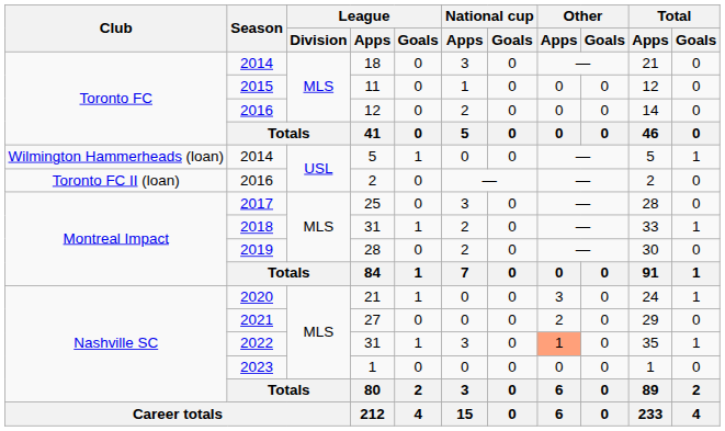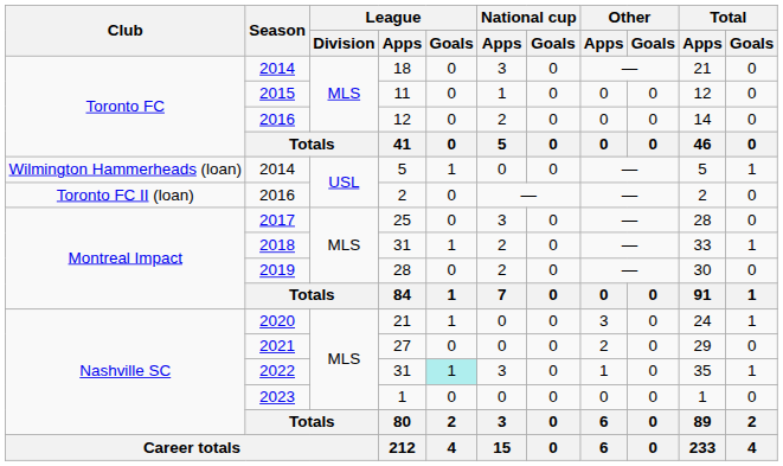 <table class="wikitable" Style="text-align: center">
 <tr>
 <th rowspan="2">Club</th>
 <th rowspan="2">Season</th>
 <th colspan="3">League</th>
 <th colspan="2">National cup</th>
 <th colspan="2">Other</th>
 <th colspan="2">Total</th>
 </tr>
 <tr>
 <th>Division</th>
 <th>Apps</th>
 <th>Goals</th>
 <th>Apps</th>
 <th>Goals</th>
 <th>Apps</th>
 <th>Goals</th>
 <th>Apps</th>
 <th>Goals</th>
 </tr>
 <tr>
 <td rowspan="4"><a href='#'>Toronto FC</a></td>
 <td><a href='#'>2014</a></td>
 <td rowspan="3"><a href='#'>MLS</a></td>
 <td>18</td>
 <td>0</td>
 <td>3</td>
 <td>0</td>
 <td colspan="2">—</td>
 <td>21</td>
 <td>0</td>
 </tr>
 <tr>
 <td><a href='#'>2015</a></td>
 <td>11</td>
 <td>0</td>
 <td>1</td>
 <td>0</td>
 <td>0</td>
 <td>0</td>
 <td>12</td>
 <td>0</td>
 </tr>
 <tr>
 <td><a href='#'>2016</a></td>
 <td>12</td>
 <td>0</td>
 <td>2</td>
 <td>0</td>
 <td>0</td>
 <td>0</td>
 <td>14</td>
 <td>0</td>
 </tr>
 <tr>
 <th colspan="2">Totals</th>
 <th>41</th>
 <th>0</th>
 <th>5</th>
 <th>0</th>
 <th>0</th>
 <th>0</th>
 <th>46</th>
 <th>0</th>
 </tr>
 <tr>
 <td><a href='#'>Wilmington Hammerheads</a> (loan)</td>
 <td>2014</td>
 <td rowspan="2"><a href='#'>USL</a></td>
 <td>5</td>
 <td>1</td>
 <td>0</td>
 <td>0</td>
 <td colspan="2">—</td>
 <td>5</td>
 <td>1</td>
 </tr>
 <tr>
 <td><a href='#'>Toronto FC II</a> (loan)</td>
 <td>2016</td>
 <td>2</td>
 <td>0</td>
 <td colspan="2">—</td>
 <td colspan="2">—</td>
 <td>2</td>
 <td>0</td>
 </tr>
 <tr>
 <td rowspan="4"><a href='#'>Montreal Impact</a></td>
 <td><a href='#'>2017</a></td>
 <td rowspan="3">MLS</td>
 <td>25</td>
 <td>0</td>
 <td>3</td>
 <td>0</td>
 <td colspan="2">—</td>
 <td>28</td>
 <td>0</td>
 </tr>
 <tr>
 <td><a href='#'>2018</a></td>
 <td>31</td>
 <td>1</td>
 <td>2</td>
 <td>0</td>
 <td colspan="2">—</td>
 <td>33</td>
 <td>1</td>
 </tr>
 <tr>
 <td><a href='#'>2019</a></td>
 <td>28</td>
 <td>0</td>
 <td>2</td>
 <td>0</td>
 <td colspan="2">—</td>
 <td>30</td>
 <td>0</td>
 </tr>
 <tr>
 <th colspan="2">Totals</th>
 <th>84</th>
 <th>1</th>
 <th>7</th>
 <th>0</th>
 <th>0</th>
 <th>0</th>
 <th>91</th>
 <th>1</th>
 </tr>
 <tr>
 <td rowspan="5"><a href='#'>Nashville SC</a></td>
 <td><a href='#'>2020</a></td>
 <td rowspan="4">MLS</td>
 <td>21</td>
 <td>1</td>
 <td>0</td>
 <td>0</td>
 <td>3</td>
 <td>0</td>
 <td>24</td>
 <td>1</td>
 </tr>
 <tr>
 <td><a href='#'>2021</a></td>
 <td>27</td>
 <td>0</td>
 <td>0</td>
 <td>0</td>
 <td>2</td>
 <td>0</td>
 <td>29</td>
 <td>0</td>
 </tr>
 <tr>
 <td><a href='#'>2022</a></td>
 <td>31</td>
-<td>1</td>
+<td style="background: paleturquoise;">1</td>
 <td>3</td>
 <td>0</td>
-<td style="background: lightsalmon;">1</td>
+<td>1</td>
 <td>0</td>
 <td>35</td>
 <td>1</td>
 </tr>
 <tr>
 <td><a href='#'>2023</a></td>
 <td>1</td>
 <td>0</td>
 <td>0</td>
 <td>0</td>
 <td>0</td>
 <td>0</td>
 <td>1</td>
 <td>0</td>
 </tr>
 <tr>
 <th colspan="2">Totals</th>
 <th>80</th>
 <th>2</th>
 <th>3</th>
 <th>0</th>
 <th>6</th>
 <th>0</th>
 <th>89</th>
 <th>2</th>
 </tr>
 <tr>
 <th colspan="3">Career totals</th>
 <th>212</th>
 <th>4</th>
 <th>15</th>
 <th>0</th>
 <th>6</th>
 <th>0</th>
 <th>233</th>
 <th>4</th>
 </tr>
 </table>
